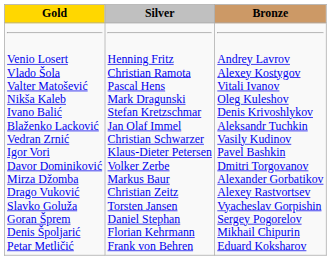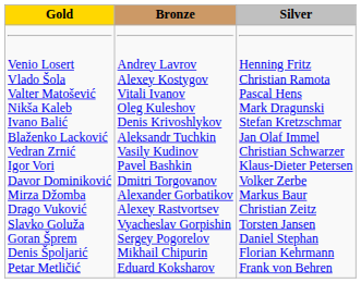 <table class="wikitable">
 <tr>
 <th style="background:gold">Gold</th>
+<th style="background:#CC9966">Bronze</th>
 <th style="background:silver">Silver</th>
-<th style="background:#CC9966">Bronze</th>
 </tr>
 <tr>
 <td><hr><br><a href='#'>Venio Losert</a><br><a href='#'>Vlado Šola</a><br><a href='#'>Valter Matošević</a><br><a href='#'>Nikša Kaleb</a><br><a href='#'>Ivano Balić</a><br> <a href='#'>Blaženko Lacković</a><br><a href='#'>Vedran Zrnić</a><br><a href='#'>Igor Vori</a><br><a href='#'>Davor Dominiković</a><br><a href='#'>Mirza Džomba</a><br><a href='#'>Drago Vuković</a><br><a href='#'>Slavko Goluža</a><br><a href='#'>Goran Šprem</a><br><a href='#'>Denis Špoljarić</a><br><a href='#'>Petar Metličić</a></td>
+<td><hr><br><a href='#'>Andrey Lavrov</a><br><a href='#'>Alexey Kostygov</a><br><a href='#'>Vitali Ivanov</a><br><a href='#'>Oleg Kuleshov</a><br><a href='#'>Denis Krivoshlykov</a><br><a href='#'>Aleksandr Tuchkin</a><br><a href='#'>Vasily Kudinov</a><br><a href='#'>Pavel Bashkin</a><br><a href='#'>Dmitri Torgovanov</a><br><a href='#'>Alexander Gorbatikov</a><br><a href='#'>Alexey Rastvortsev</a><br><a href='#'>Vyacheslav Gorpishin</a><br><a href='#'>Sergey Pogorelov</a><br><a href='#'>Mikhail Chipurin</a><br><a href='#'>Eduard Koksharov</a></td>
 <td><hr><br><a href='#'>Henning Fritz</a><br><a href='#'>Christian Ramota</a><br><a href='#'>Pascal Hens</a><br><a href='#'>Mark Dragunski</a><br><a href='#'>Stefan Kretzschmar</a><br><a href='#'>Jan Olaf Immel</a><br><a href='#'>Christian Schwarzer</a><br><a href='#'>Klaus-Dieter Petersen</a><br><a href='#'>Volker Zerbe</a><br><a href='#'>Markus Baur</a><br><a href='#'>Christian Zeitz</a><br><a href='#'>Torsten Jansen</a><br><a href='#'>Daniel Stephan</a><br><a href='#'>Florian Kehrmann</a><br><a href='#'>Frank von Behren</a></td>
-<td><hr><br><a href='#'>Andrey Lavrov</a><br><a href='#'>Alexey Kostygov</a><br><a href='#'>Vitali Ivanov</a><br><a href='#'>Oleg Kuleshov</a><br><a href='#'>Denis Krivoshlykov</a><br><a href='#'>Aleksandr Tuchkin</a><br><a href='#'>Vasily Kudinov</a><br><a href='#'>Pavel Bashkin</a><br><a href='#'>Dmitri Torgovanov</a><br><a href='#'>Alexander Gorbatikov</a><br><a href='#'>Alexey Rastvortsev</a><br><a href='#'>Vyacheslav Gorpishin</a><br><a href='#'>Sergey Pogorelov</a><br><a href='#'>Mikhail Chipurin</a><br><a href='#'>Eduard Koksharov</a></td>
 </tr>
 </table>
